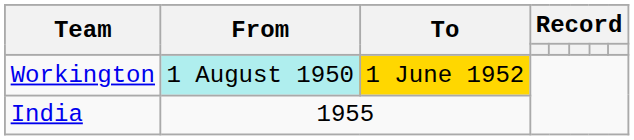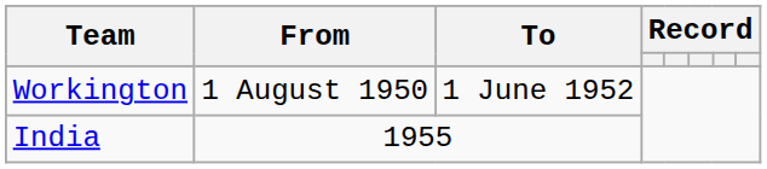 <table class=wikitable style="text-align: center">
 <tr>
 <th rowspan=2>Team</th>
 <th rowspan=2>From</th>
 <th rowspan=2>To</th>
 <th colspan=5>Record</th>
 </tr>
 <tr>
 <th></th>
 <th></th>
 <th></th>
 <th></th>
 <th></th>
 </tr>
 <tr>
 <td align=left><a href='#'>Workington</a></td>
-<td align=left style="background: paleturquoise;">1 August 1950</td>
-<td align=left style="background: gold;">1 June 1952<br></td>
+<td align=left>1 August 1950</td>
+<td align=left>1 June 1952<br></td>
 </tr>
 <tr>
 <td align=left><a href='#'>India</a></td>
 <td colspan="2" align=centre>1955<br></td>
 </tr>
 </table>
